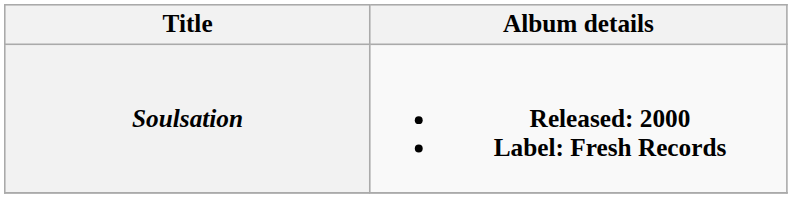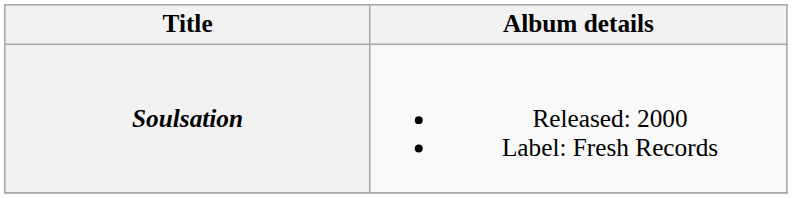 <table class="wikitable plainrowheaders" style="text-align:center;">
 <tr>
 <th scope="col" rowspan="1" style="width:14em;">Title</th>
 <th scope="col" rowspan="1" style="width:16em;">Album details</th>
 </tr>
 <tr>
 <th scope="row"><em>Soulsation</em></th>
-<td><strong><br><ul><li>Released: 2000</li><li>Label: Fresh Records</li></ul></strong></td>
+<td><br><ul><li>Released: 2000</li><li>Label: Fresh Records</li></ul></td>
 </tr>
 <tr>
 </tr>
 </table>
